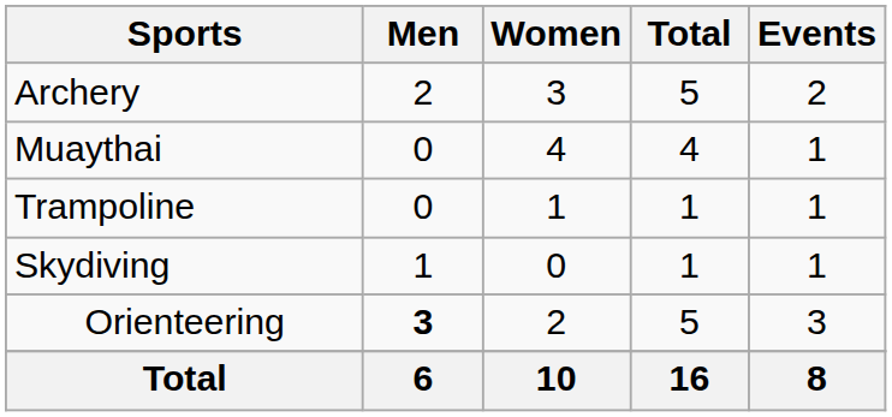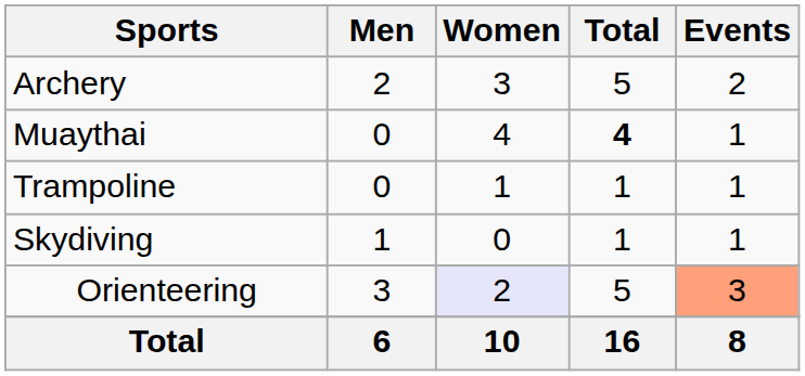 <table class="wikitable sortable" style="text-align:center;">
 <tr>
 <th width=150>Sports</th>
 <th width=45>Men</th>
 <th width=45>Women</th>
 <th width=45>Total</th>
 <th width=45>Events</th>
 </tr>
 <tr>
 <td align=left>Archery</td>
 <td>2</td>
 <td>3</td>
 <td>5</td>
 <td>2</td>
 </tr>
 <tr>
 <td align=left>Muaythai</td>
 <td>0</td>
 <td>4</td>
-<td>4</td>
+<td><strong>4</strong></td>
 <td>1</td>
 </tr>
 <tr>
 <td align=left>Trampoline</td>
 <td>0</td>
 <td>1</td>
 <td>1</td>
 <td>1</td>
 </tr>
 <tr>
 <td align=left>Skydiving</td>
 <td>1</td>
 <td>0</td>
 <td>1</td>
 <td>1</td>
 </tr>
 <tr>
 <td>Orienteering</td>
-<td><strong>3</strong></td>
-<td>2</td>
+<td>3</td>
+<td style="background: lavender;">2</td>
 <td>5</td>
-<td>3</td>
+<td style="background: lightsalmon;">3</td>
 </tr>
 <tr>
 </tr>
 <tr class="sortbottom">
 <th>Total</th>
 <th>6</th>
 <th>10</th>
 <th>16</th>
 <th>8</th>
 </tr>
 </table>
